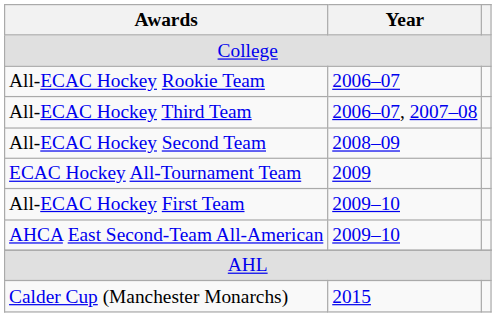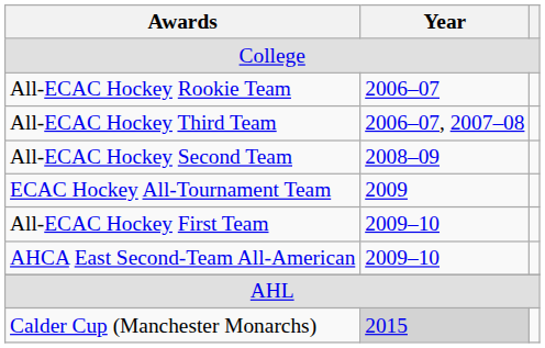 <table class="wikitable">
 <tr>
 <th>Awards</th>
 <th>Year</th>
 <th></th>
 </tr>
 <tr ALIGN="center" bgcolor="#e0e0e0">
 <td colspan="3"><a href='#'>College</a></td>
 </tr>
 <tr>
 <td>All-<a href='#'>ECAC Hockey</a> <a href='#'>Rookie Team</a></td>
 <td><a href='#'>2006–07</a></td>
 <td></td>
 </tr>
 <tr>
 <td>All-<a href='#'>ECAC Hockey</a> <a href='#'>Third Team</a></td>
 <td><a href='#'>2006–07</a>, <a href='#'>2007–08</a></td>
 <td></td>
 </tr>
 <tr>
 <td>All-<a href='#'>ECAC Hockey</a> <a href='#'>Second Team</a></td>
 <td><a href='#'>2008–09</a></td>
 <td></td>
 </tr>
 <tr>
 <td><a href='#'>ECAC Hockey</a> <a href='#'>All-Tournament Team</a></td>
 <td><a href='#'>2009</a></td>
 <td></td>
 </tr>
 <tr>
 <td>All-<a href='#'>ECAC Hockey</a> <a href='#'>First Team</a></td>
 <td><a href='#'>2009–10</a></td>
 <td></td>
 </tr>
 <tr>
 <td><a href='#'>AHCA</a> <a href='#'>East Second-Team All-American</a></td>
 <td><a href='#'>2009–10</a></td>
 <td></td>
 </tr>
 <tr>
 </tr>
 <tr ALIGN="center" bgcolor="#e0e0e0">
 <td colspan="3"><a href='#'>AHL</a></td>
 </tr>
 <tr>
 <td><a href='#'>Calder Cup</a> (Manchester Monarchs)</td>
-<td><a href='#'>2015</a></td>
+<td style="background: lightgrey;"><a href='#'>2015</a></td>
 <td></td>
 </tr>
 </table>
